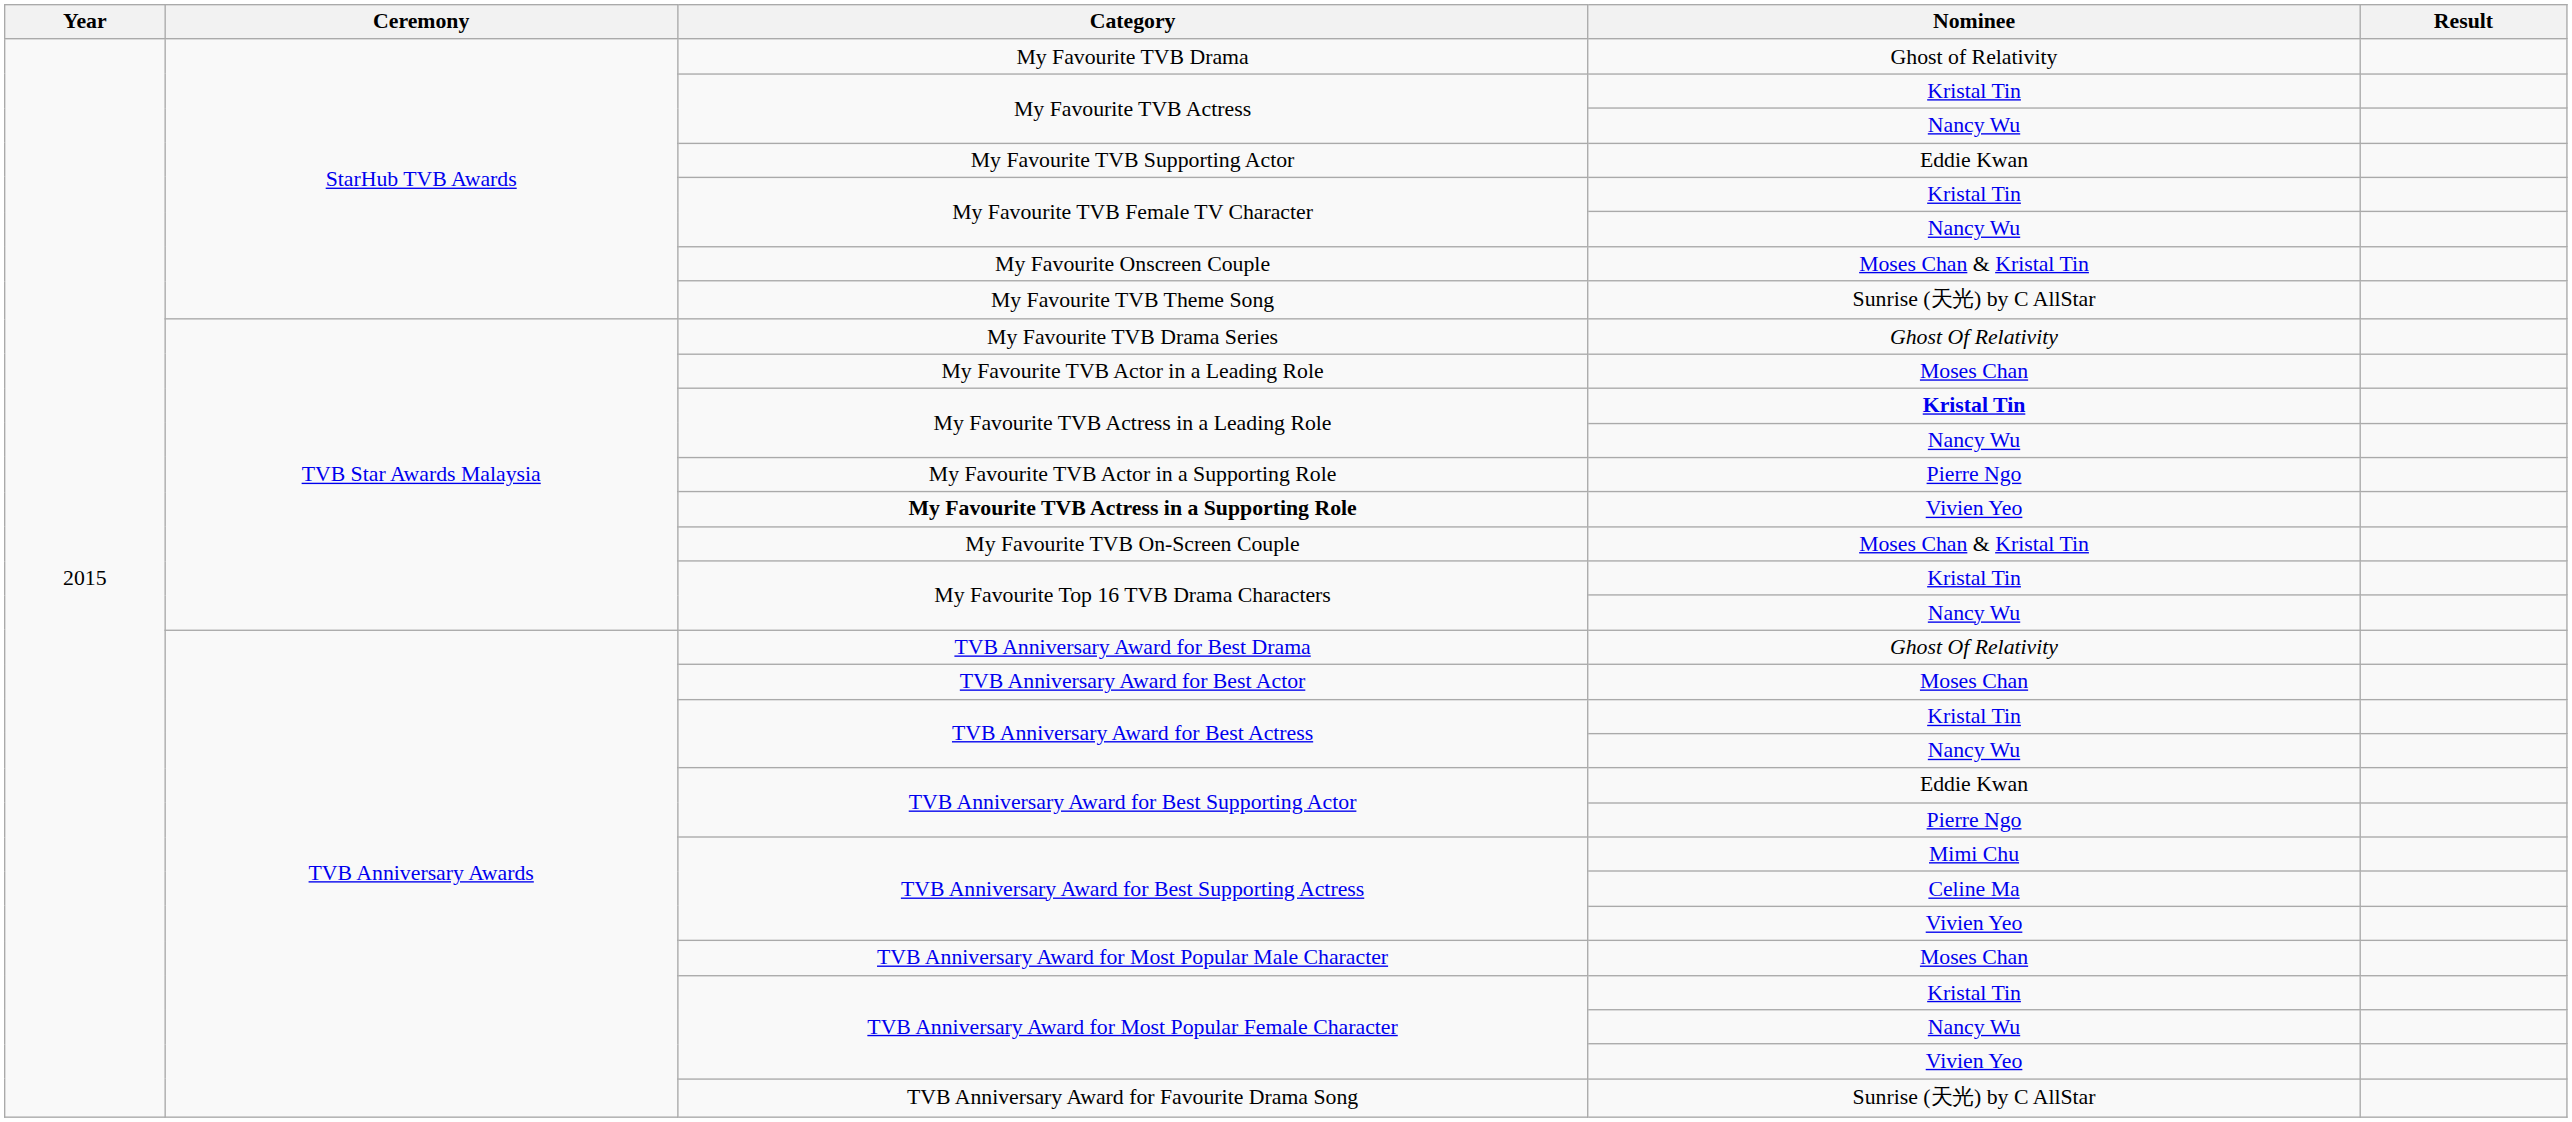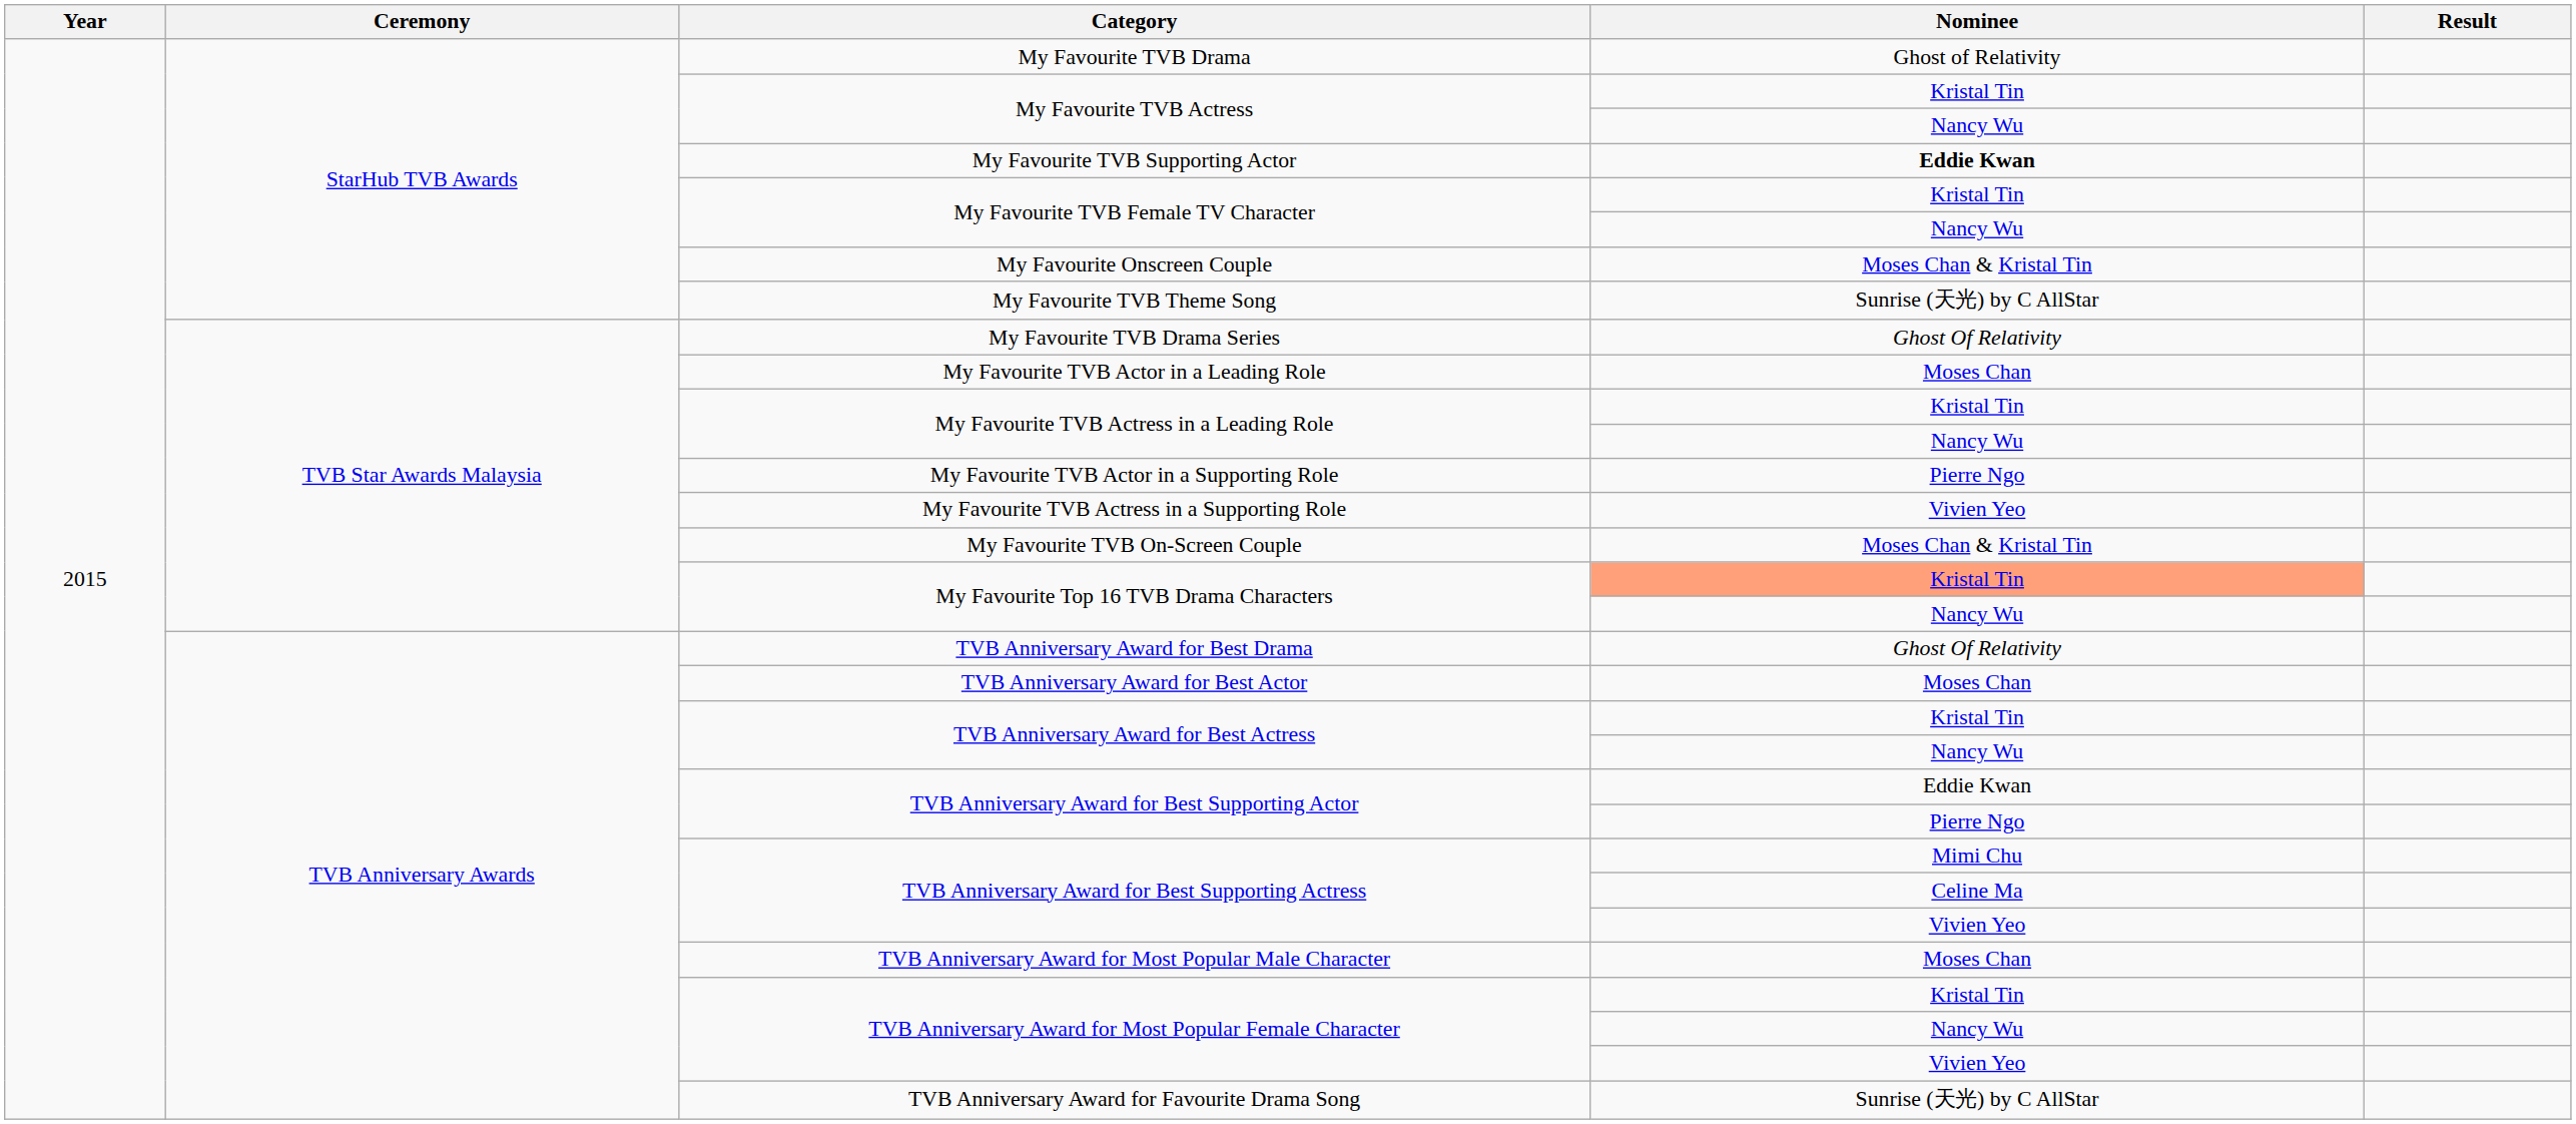 <table class="wikitable" style="width:95%;">
 <tr>
 <th style="width:45px;">Year</th>
 <th style="width:160px;">Ceremony</th>
 <th style="width:290px;">Category</th>
 <th style="width:245px;">Nominee</th>
 <th style="width:60px;">Result</th>
 </tr>
 <tr>
 <td align="center" rowspan=31>2015</td>
 <td align="center" rowspan=8><a href='#'>StarHub TVB Awards</a><br></td>
 <td align="center">My Favourite TVB Drama</td>
 <td align="center">Ghost of Relativity</td>
 <td></td>
 </tr>
 <tr>
 <td rowspan=2 align="center">My Favourite TVB Actress</td>
 <td align="center"><a href='#'>Kristal Tin</a></td>
 <td></td>
 </tr>
 <tr>
 <td align="center"><a href='#'>Nancy Wu</a></td>
 <td></td>
 </tr>
 <tr>
 <td align="center">My Favourite TVB Supporting Actor</td>
-<td align="center">Eddie Kwan</td>
+<td align="center"><strong>Eddie Kwan</strong></td>
 <td></td>
 </tr>
 <tr>
 <td rowspan=2 align="center">My Favourite TVB Female TV Character</td>
 <td align="center"><a href='#'>Kristal Tin</a></td>
 <td></td>
 </tr>
 <tr>
 <td align="center"><a href='#'>Nancy Wu</a></td>
 <td></td>
 </tr>
 <tr>
 <td align="center">My Favourite Onscreen Couple</td>
 <td align="center"><a href='#'>Moses Chan</a> & <a href='#'>Kristal Tin</a></td>
 <td></td>
 </tr>
 <tr>
 <td align="center">My Favourite TVB Theme Song</td>
 <td align="center">Sunrise (天光) by C AllStar</td>
 <td></td>
 </tr>
 <tr>
 <td align="center" rowspan=9><a href='#'>TVB Star Awards Malaysia</a></td>
 <td align="center">My Favourite TVB Drama Series</td>
 <td align="center"><em>Ghost Of Relativity</em></td>
 <td></td>
 </tr>
 <tr>
 <td align="center">My Favourite TVB Actor in a Leading Role</td>
 <td align="center"><a href='#'>Moses Chan</a></td>
 <td></td>
 </tr>
 <tr>
 <td rowspan=2 align="center">My Favourite TVB Actress in a Leading Role</td>
-<td align="center"><strong><a href='#'>Kristal Tin</a></strong></td>
+<td align="center"><a href='#'>Kristal Tin</a></td>
 <td></td>
 </tr>
 <tr>
 <td align="center"><a href='#'>Nancy Wu</a></td>
 <td></td>
 </tr>
 <tr>
 <td align="center">My Favourite TVB Actor in a Supporting Role</td>
 <td align="center"><a href='#'>Pierre Ngo</a></td>
 <td></td>
 </tr>
 <tr>
-<td align="center"><strong>My Favourite TVB Actress in a Supporting Role</strong></td>
+<td align="center">My Favourite TVB Actress in a Supporting Role</td>
 <td align="center"><a href='#'>Vivien Yeo</a></td>
 <td></td>
 </tr>
 <tr>
 <td align="center">My Favourite TVB On-Screen Couple</td>
 <td align="center"><a href='#'>Moses Chan</a> & <a href='#'>Kristal Tin</a></td>
 <td></td>
 </tr>
 <tr>
 <td rowspan=2 align="center">My Favourite Top 16 TVB Drama Characters</td>
-<td align="center"><a href='#'>Kristal Tin</a></td>
+<td align="center" style="background: lightsalmon;"><a href='#'>Kristal Tin</a></td>
 <td></td>
 </tr>
 <tr>
 <td align="center"><a href='#'>Nancy Wu</a></td>
 <td></td>
 </tr>
 <tr>
 <td align="center" rowspan=14><a href='#'>TVB Anniversary Awards</a></td>
 <td align="center"><a href='#'>TVB Anniversary Award for Best Drama</a></td>
 <td align="center"><em>Ghost Of Relativity</em></td>
 <td></td>
 </tr>
 <tr>
 <td align="center"><a href='#'>TVB Anniversary Award for Best Actor</a></td>
 <td align="center"><a href='#'>Moses Chan</a></td>
 <td></td>
 </tr>
 <tr>
 <td rowspan=2 align="center"><a href='#'>TVB Anniversary Award for Best Actress</a></td>
 <td align="center"><a href='#'>Kristal Tin</a></td>
 <td></td>
 </tr>
 <tr>
 <td align="center"><a href='#'>Nancy Wu</a></td>
 <td></td>
 </tr>
 <tr>
 <td rowspan=2 align="center"><a href='#'>TVB Anniversary Award for Best Supporting Actor</a></td>
 <td align="center">Eddie Kwan</td>
 <td></td>
 </tr>
 <tr>
 <td align="center"><a href='#'>Pierre Ngo</a></td>
 <td></td>
 </tr>
 <tr>
 <td rowspan=3 align="center"><a href='#'>TVB Anniversary Award for Best Supporting Actress</a></td>
 <td align="center"><a href='#'>Mimi Chu</a></td>
 <td></td>
 </tr>
 <tr>
 <td align="center"><a href='#'>Celine Ma</a></td>
 <td></td>
 </tr>
 <tr>
 <td align="center"><a href='#'>Vivien Yeo</a></td>
 <td></td>
 </tr>
 <tr>
 <td align="center"><a href='#'>TVB Anniversary Award for Most Popular Male Character</a></td>
 <td align="center"><a href='#'>Moses Chan</a></td>
 <td></td>
 </tr>
 <tr>
 <td rowspan=3 align="center"><a href='#'>TVB Anniversary Award for Most Popular Female Character</a></td>
 <td align="center"><a href='#'>Kristal Tin</a></td>
 <td></td>
 </tr>
 <tr>
 <td align="center"><a href='#'>Nancy Wu</a></td>
 <td></td>
 </tr>
 <tr>
 <td align="center"><a href='#'>Vivien Yeo</a></td>
 <td></td>
 </tr>
 <tr>
 <td align="center">TVB Anniversary Award for Favourite Drama Song</td>
 <td align="center">Sunrise (天光) by C AllStar</td>
 <td></td>
 </tr>
 </table>
